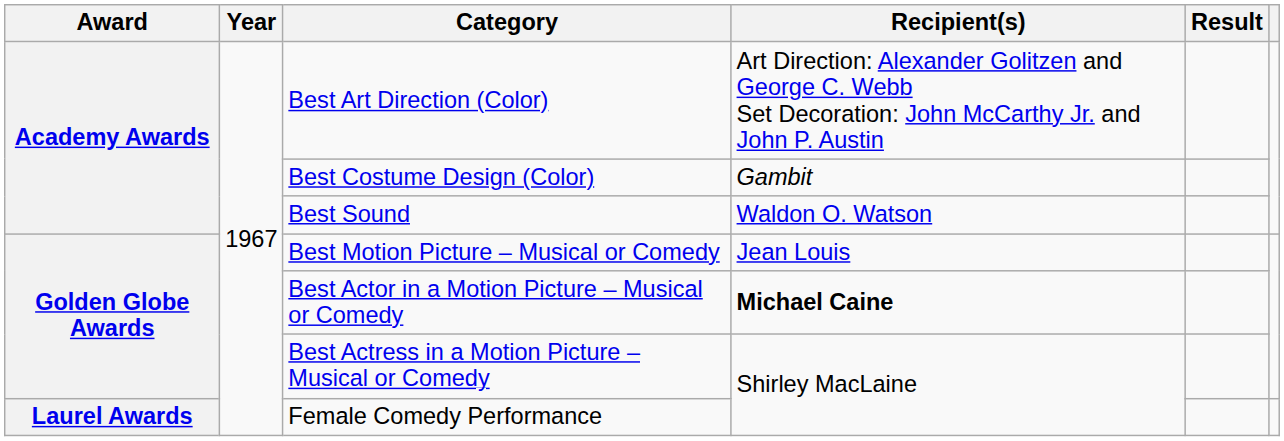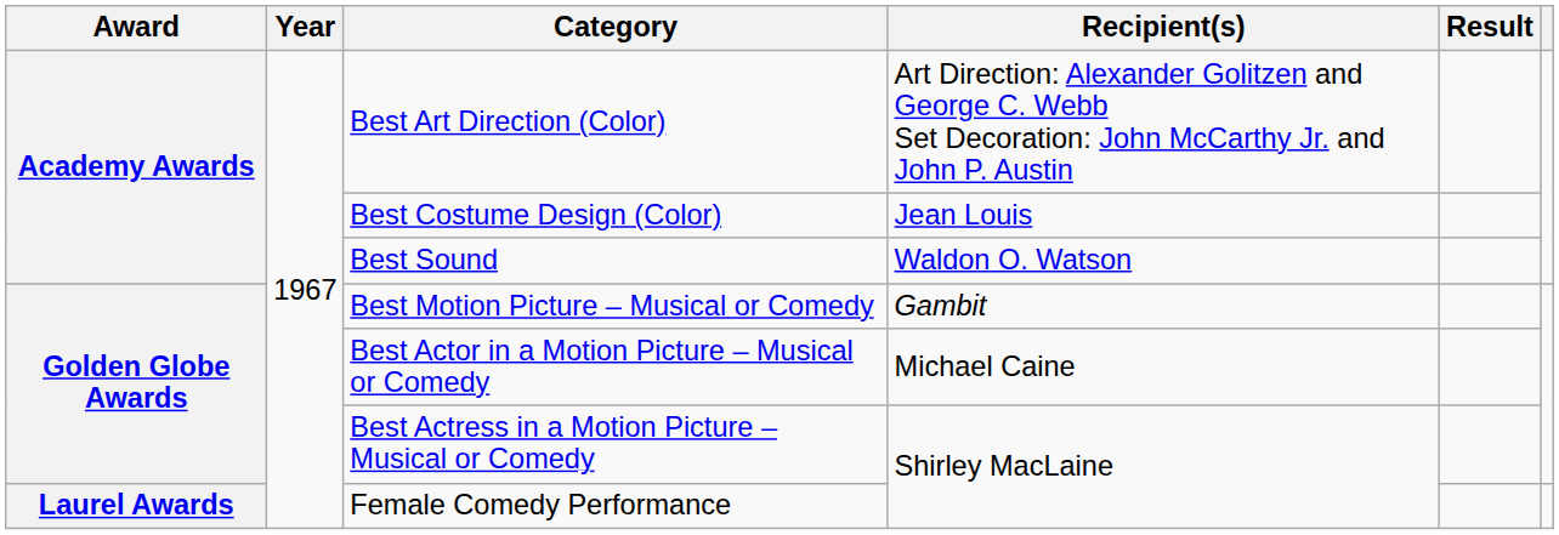 <table class="wikitable plainrowheaders">
 <tr>
 <th scope="col">Award</th>
 <th scope="col">Year</th>
 <th scope="col">Category</th>
 <th scope="col">Recipient(s)</th>
 <th scope="col">Result</th>
 <th scope="col"></th>
 </tr>
 <tr>
 <th scope="row" rowspan="3"><a href='#'>Academy Awards</a></th>
 <td rowspan="7">1967</td>
 <td><a href='#'>Best Art Direction (Color)</a></td>
 <td>Art Direction: <a href='#'>Alexander Golitzen</a> and <a href='#'>George C. Webb</a><br>Set Decoration: <a href='#'>John McCarthy Jr.</a> and <a href='#'>John P. Austin</a></td>
 <td></td>
 <td rowspan="3"></td>
 </tr>
 <tr>
 <td><a href='#'>Best Costume Design (Color)</a></td>
-<td><em>Gambit</em></td>
+<td><a href='#'>Jean Louis</a></td>
 <td></td>
 </tr>
 <tr>
 <td><a href='#'>Best Sound</a></td>
 <td><a href='#'>Waldon O. Watson</a></td>
 <td></td>
 </tr>
 <tr>
 <th scope="row" rowspan="3"><a href='#'>Golden Globe Awards</a></th>
 <td><a href='#'>Best Motion Picture – Musical or Comedy</a></td>
-<td><a href='#'>Jean Louis</a></td>
+<td><em>Gambit</em></td>
 <td></td>
 <td rowspan="3"></td>
 </tr>
 <tr>
 <td><a href='#'>Best Actor in a Motion Picture – Musical or Comedy</a></td>
-<td><strong>Michael Caine</strong></td>
+<td>Michael Caine</td>
 <td></td>
 </tr>
 <tr>
 <td><a href='#'>Best Actress in a Motion Picture – Musical or Comedy</a></td>
 <td rowspan="2">Shirley MacLaine</td>
 <td></td>
 </tr>
 <tr>
 <th scope="row"><a href='#'>Laurel Awards</a></th>
 <td>Female Comedy Performance</td>
 <td></td>
 <td></td>
 </tr>
 </table>
